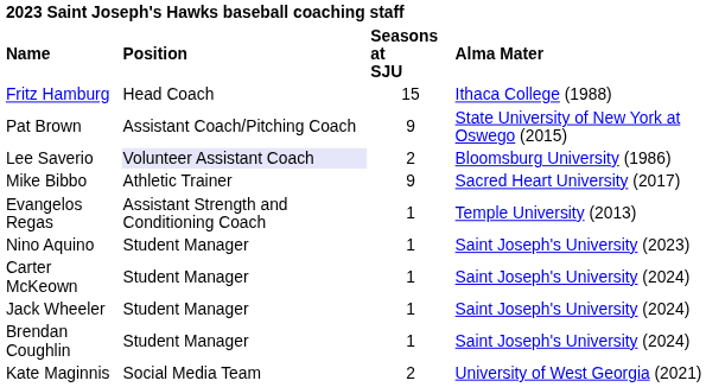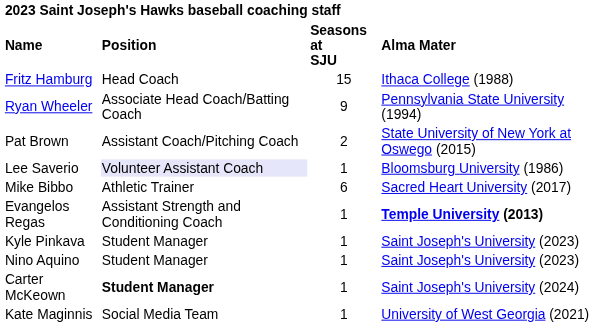 <table class="toccolours" style="text-align: left; font-size:90%;">
 <tr>
 <th colspan="4">2023 Saint Joseph's Hawks baseball coaching staff</th>
 </tr>
 <tr>
 <th>Name</th>
 <th>Position</th>
 <th>Seasons at<br>SJU</th>
 <th>Alma Mater</th>
 </tr>
 <tr>
 <td><a href='#'>Fritz Hamburg</a></td>
 <td>Head Coach</td>
 <td align=center>15</td>
 <td><a href='#'>Ithaca College</a> (1988)</td>
 </tr>
 <tr>
+<td><a href='#'>Ryan Wheeler</a></td>
+<td>Associate Head Coach/Batting Coach</td>
+<td align=center>9</td>
+<td><a href='#'>Pennsylvania State University</a> (1994)</td>
+</tr>
+<tr>
 <td>Pat Brown</td>
 <td>Assistant Coach/Pitching Coach</td>
-<td align=center>9</td>
+<td align=center>2</td>
 <td><a href='#'>State University of New York at Oswego</a> (2015)</td>
 </tr>
 <tr>
 <td>Lee Saverio</td>
 <td style="background: lavender;">Volunteer Assistant Coach</td>
-<td align=center>2</td>
+<td align=center>1</td>
 <td><a href='#'>Bloomsburg University</a> (1986)</td>
 </tr>
 <tr>
 <td>Mike Bibbo</td>
 <td>Athletic Trainer</td>
-<td align=center>9</td>
+<td align=center>6</td>
 <td><a href='#'>Sacred Heart University</a> (2017)</td>
 </tr>
 <tr>
 <td>Evangelos Regas</td>
 <td>Assistant Strength and Conditioning Coach</td>
 <td align=center>1</td>
-<td><a href='#'>Temple University</a> (2013)</td>
+<td><strong><a href='#'>Temple University</a> (2013)</strong></td>
+</tr>
+<tr>
+<td>Kyle Pinkava</td>
+<td>Student Manager</td>
+<td align=center>1</td>
+<td><a href='#'>Saint Joseph's University</a> (2023)</td>
 </tr>
 <tr>
 <td>Nino Aquino</td>
 <td>Student Manager</td>
 <td align=center>1</td>
 <td><a href='#'>Saint Joseph's University</a> (2023)</td>
 </tr>
 <tr>
 <td>Carter McKeown</td>
-<td>Student Manager</td>
-<td align=center>1</td>
-<td><a href='#'>Saint Joseph's University</a> (2024)</td>
-</tr>
-<tr>
-<td>Jack Wheeler</td>
-<td>Student Manager</td>
-<td align=center>1</td>
-<td><a href='#'>Saint Joseph's University</a> (2024)</td>
-</tr>
-<tr>
-<td>Brendan Coughlin</td>
-<td>Student Manager</td>
+<td><strong>Student Manager</strong></td>
 <td align=center>1</td>
 <td><a href='#'>Saint Joseph's University</a> (2024)</td>
 </tr>
 <tr>
 <td>Kate Maginnis</td>
 <td>Social Media Team</td>
-<td align=center>2</td>
+<td align=center>1</td>
 <td><a href='#'>University of West Georgia</a> (2021)</td>
 </tr>
 </table>
